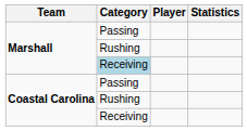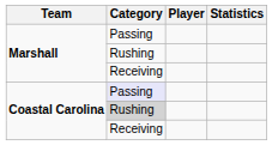 <table class="wikitable" style="float: right;">
 <tr>
 <th>Team</th>
 <th>Category</th>
 <th>Player</th>
 <th>Statistics</th>
 </tr>
 <tr>
 <td rowspan=3><strong>Marshall</strong></td>
 <td>Passing</td>
 <td></td>
 <td></td>
 </tr>
 <tr>
 <td>Rushing</td>
 <td></td>
 <td></td>
 </tr>
 <tr>
-<td style="background: lightblue;">Receiving</td>
+<td>Receiving</td>
 <td></td>
 <td></td>
 </tr>
 <tr>
 <td rowspan=3><strong>Coastal Carolina</strong></td>
-<td>Passing</td>
+<td style="background: lavender;">Passing</td>
 <td></td>
 <td></td>
 </tr>
 <tr>
-<td>Rushing</td>
+<td style="background: lightgrey;">Rushing</td>
 <td></td>
 <td></td>
 </tr>
 <tr>
 <td>Receiving</td>
 <td></td>
 <td></td>
 </tr>
 </table>
